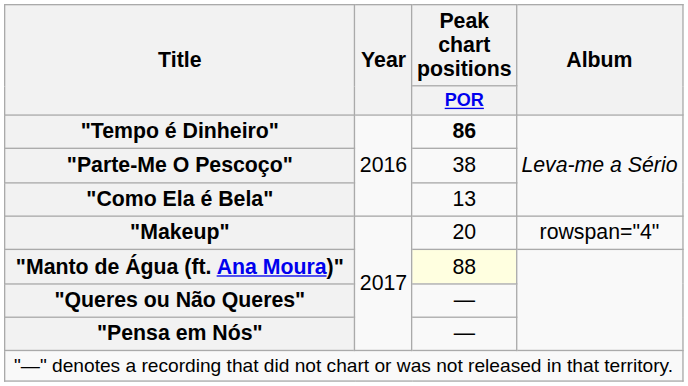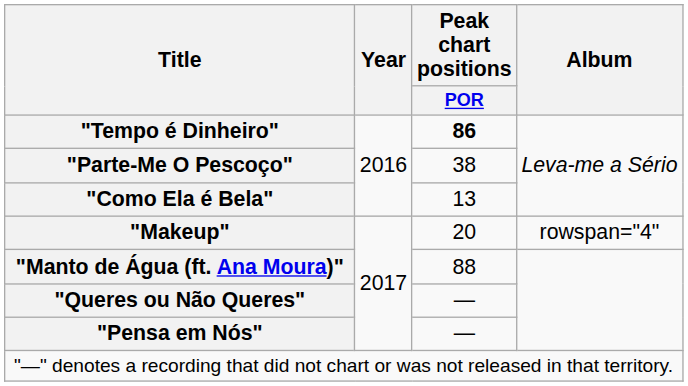 <table class="wikitable plainrowheaders" style="text-align:center;" border="1">
 <tr>
 <th rowspan="2" scope="col" style="width:16em;">Title</th>
 <th rowspan="2" scope="col">Year</th>
 <th scope="col">Peak chart positions</th>
 <th rowspan="2" scope="col">Album</th>
 </tr>
 <tr>
 <th scope="col" style="width:3em;font-size:85%;"><a href='#'>POR</a><br></th>
 </tr>
 <tr>
 <th scope="row">"Tempo é Dinheiro"</th>
 <td rowspan="3">2016</td>
 <td><strong>86</strong></td>
 <td rowspan="3"><em>Leva-me a Sério</em></td>
 </tr>
 <tr>
 <th scope="row">"Parte-Me O Pescoço"</th>
 <td>38</td>
 </tr>
 <tr>
 <th scope="row">"Como Ela é Bela"</th>
 <td>13</td>
 </tr>
 <tr>
 <th scope="row">"Makeup"</th>
 <td rowspan="4">2017</td>
 <td>20</td>
 <td>rowspan="4" <em></em></td>
 </tr>
 <tr>
 <th scope="row">"Manto de Água (ft. <a href='#'>Ana Moura</a>)"</th>
-<td style="background: lightyellow;">88</td>
+<td>88</td>
 </tr>
 <tr>
 <th scope="row">"Queres ou Não Queres"</th>
 <td>—</td>
 </tr>
 <tr>
 <th scope="row">"Pensa em Nós"</th>
 <td>—</td>
 </tr>
 <tr>
 <td colspan="4" style="font-size:90%">"—" denotes a recording that did not chart or was not released in that territory.</td>
 </tr>
 </table>
